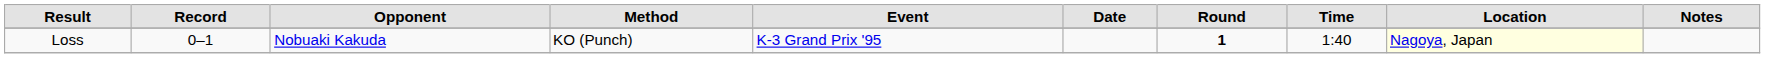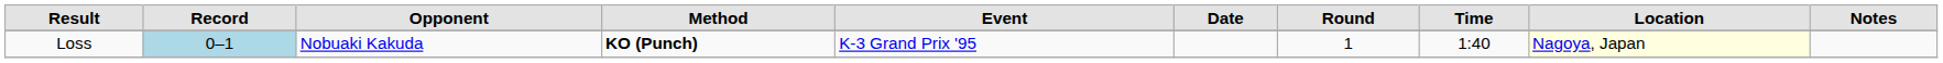 <table class="wikitable sortable" style="font-size: 85%; text-align: left; width:99%">
 <tr>
 <th style='border-style: none none solid solid; background: #e3e3e3'>Result</th>
 <th style='border-style: none none solid solid; background: #e3e3e3'>Record</th>
 <th style='border-style: none none solid solid; background: #e3e3e3'><strong>Opponent</strong></th>
 <th style='border-style: none none solid solid; background: #e3e3e3'><strong>Method</strong></th>
 <th style='border-style: none none solid solid; background: #e3e3e3'><strong>Event</strong></th>
 <th style='border-style: none none solid solid; background: #e3e3e3'><strong>Date</strong></th>
 <th style='border-style: none none solid solid; background: #e3e3e3'><strong>Round</strong></th>
 <th style='border-style: none none solid solid; background: #e3e3e3'><strong>Time</strong></th>
 <th style='border-style: none none solid solid; background: #e3e3e3'><strong>Location</strong></th>
 <th style='border-style: none none solid solid; background: #e3e3e3'><strong>Notes</strong></th>
 </tr>
 <tr align=center>
 </tr>
 <tr>
 </tr>
 <tr align=center>
 <td>Loss</td>
-<td align='center'>0–1</td>
+<td align='center' style="background: lightblue;">0–1</td>
 <td align='left'> <a href='#'>Nobuaki Kakuda</a></td>
-<td align='left'>KO (Punch)</td>
+<td align='left'><strong>KO (Punch)</strong></td>
 <td align='left'><a href='#'>K-3 Grand Prix '95</a></td>
 <td align='left'></td>
-<td align='center'><strong>1</strong></td>
+<td align='center'>1</td>
 <td align='center'>1:40</td>
 <td align='left' style="background: lightyellow;"> <a href='#'>Nagoya</a>, Japan</td>
 <td align='left'></td>
 </tr>
 <tr asdfasdf>
 </tr>
 </table>
